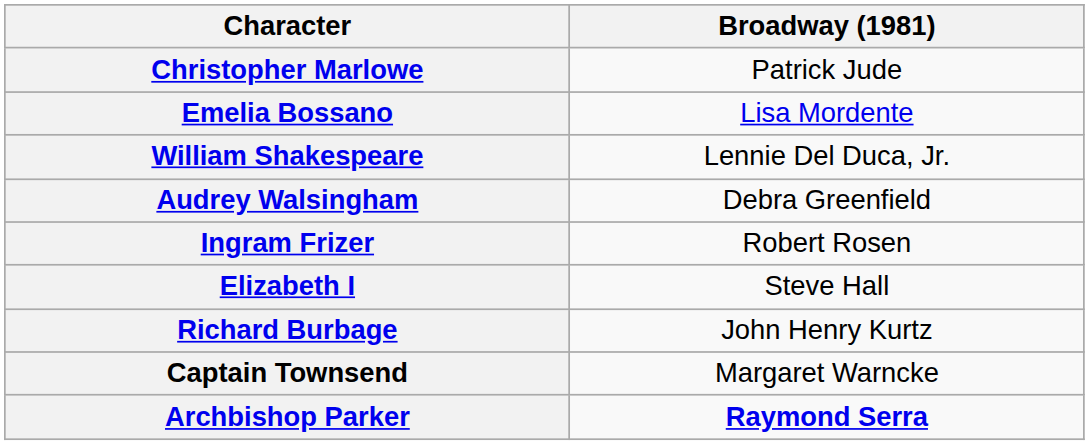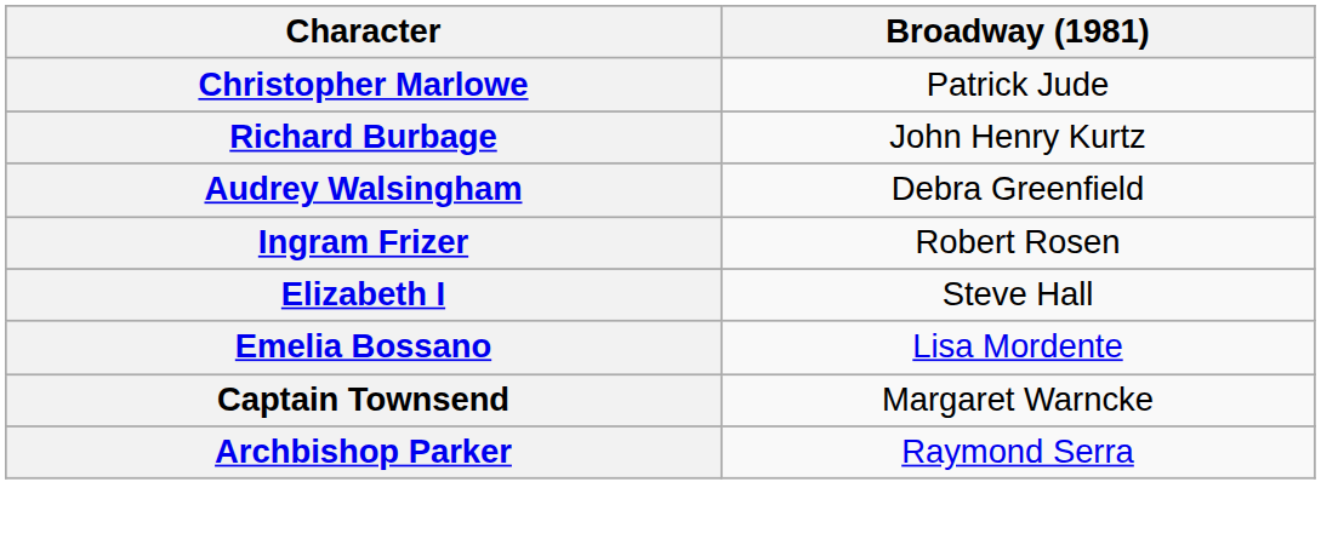 <table class="wikitable" style="width:50%; text-align:center">
 <tr>
 <th scope="col">Character</th>
 <th>Broadway (1981)</th>
 </tr>
 <tr>
 <th><a href='#'>Christopher Marlowe</a></th>
 <td colspan="1">Patrick Jude</td>
 </tr>
 <tr>
-<th><a href='#'>Emelia Bossano</a></th>
-<td colspan="1”"><a href='#'>Lisa Mordente</a></td>
-</tr>
-<tr>
-<th><a href='#'>William Shakespeare</a></th>
-<td colspan="1”">Lennie Del Duca, Jr.</td>
+<th><a href='#'>Richard Burbage</a></th>
+<td colspan="1">John Henry Kurtz</td>
 </tr>
 <tr>
 <th><a href='#'>Audrey Walsingham</a></th>
 <td colspan="1">Debra Greenfield</td>
 </tr>
 <tr>
 <th><a href='#'>Ingram Frizer</a></th>
 <td colspan="1">Robert Rosen</td>
 </tr>
 <tr>
 <th><a href='#'>Elizabeth I</a></th>
 <td colspan="1">Steve Hall</td>
 </tr>
 <tr>
-<th><a href='#'>Richard Burbage</a></th>
-<td colspan="1">John Henry Kurtz</td>
+<th><a href='#'>Emelia Bossano</a></th>
+<td colspan="1”"><a href='#'>Lisa Mordente</a></td>
 </tr>
 <tr>
 <th>Captain Townsend</th>
 <td colspan="1">Margaret Warncke</td>
 </tr>
 <tr>
 <th><a href='#'>Archbishop Parker</a></th>
-<td colspan="1"><strong><a href='#'>Raymond Serra</a></strong></td>
+<td colspan="1"><a href='#'>Raymond Serra</a></td>
 </tr>
 </table>
